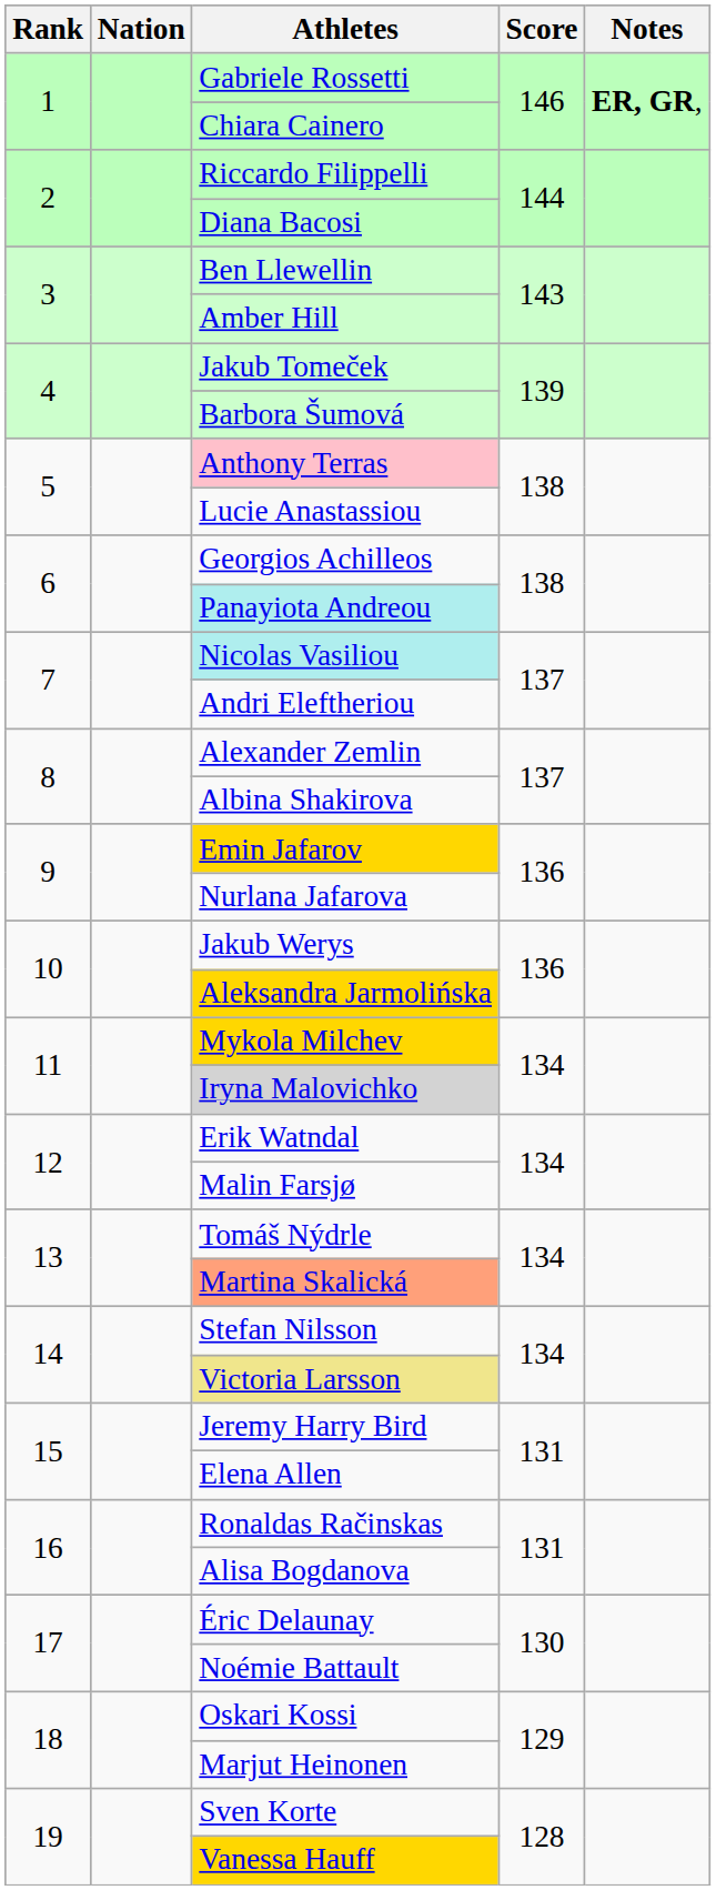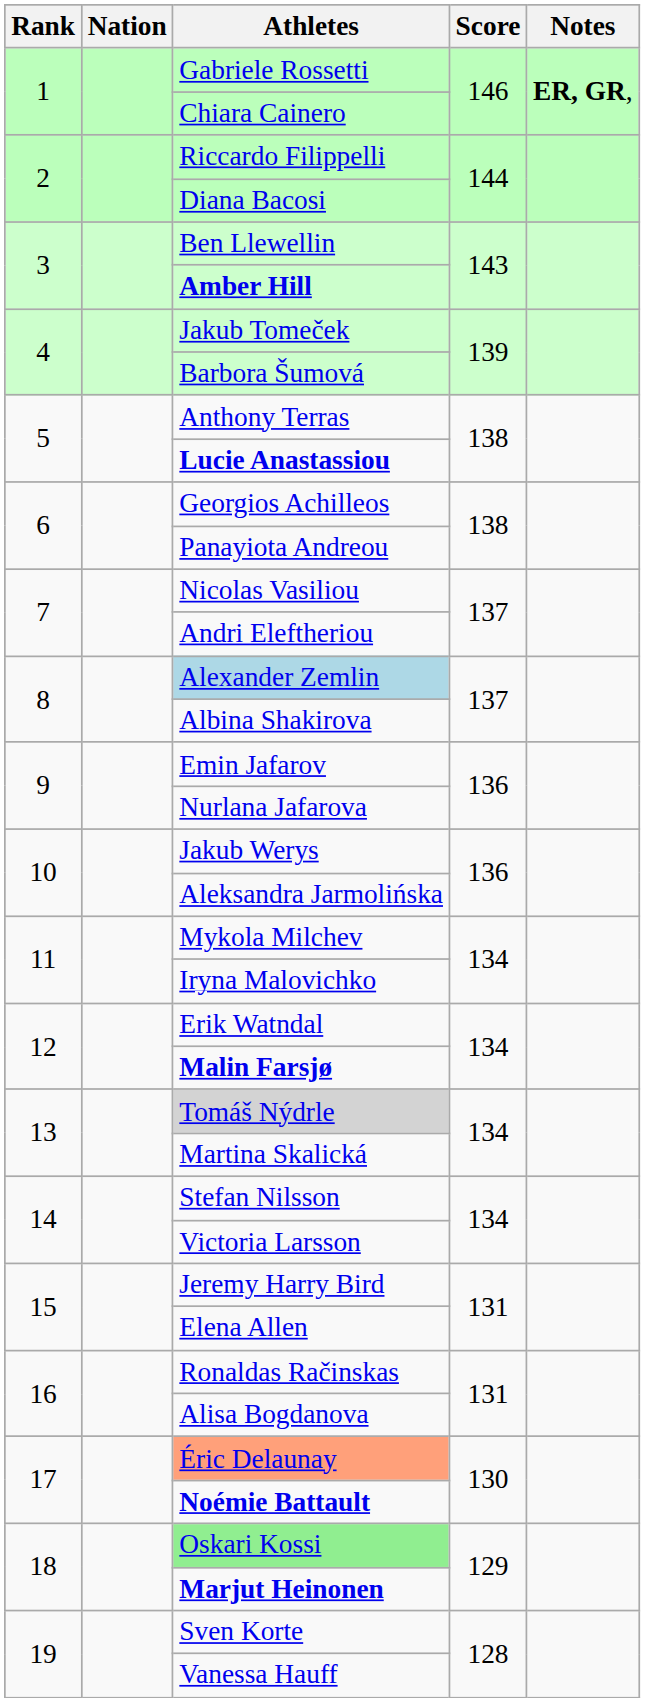 <table class="wikitable sortable" style="text-align:center">
 <tr>
 <th>Rank</th>
 <th>Nation</th>
 <th>Athletes</th>
 <th>Score</th>
 <th>Notes</th>
 </tr>
 <tr bgcolor="#bbffbb">
 <td rowspan=2>1</td>
 <td align=left rowspan=2></td>
 <td align=left><a href='#'>Gabriele Rossetti</a></td>
 <td rowspan=2>146</td>
 <td rowspan=2><strong>ER, GR</strong>, </td>
 </tr>
 <tr bgcolor="#bbffbb">
 <td align=left><a href='#'>Chiara Cainero</a></td>
 </tr>
 <tr bgcolor="#bbffbb">
 <td rowspan=2>2</td>
 <td align=left rowspan=2></td>
 <td align=left><a href='#'>Riccardo Filippelli</a></td>
 <td rowspan=2>144</td>
 <td rowspan=2></td>
 </tr>
 <tr bgcolor="#bbffbb">
 <td align=left><a href='#'>Diana Bacosi</a></td>
 </tr>
 <tr bgcolor="#ccffcc">
 <td rowspan=2>3</td>
 <td align=left rowspan=2></td>
 <td align=left><a href='#'>Ben Llewellin</a></td>
 <td rowspan=2>143</td>
 <td rowspan=2></td>
 </tr>
 <tr bgcolor="#ccffcc">
-<td align=left><a href='#'>Amber Hill</a></td>
+<td align=left><strong><a href='#'>Amber Hill</a></strong></td>
 </tr>
 <tr bgcolor="#ccffcc">
 <td rowspan=2>4</td>
 <td align=left rowspan=2></td>
 <td align=left><a href='#'>Jakub Tomeček</a></td>
 <td rowspan=2>139</td>
 <td rowspan=2></td>
 </tr>
 <tr bgcolor="#ccffcc">
 <td align=left><a href='#'>Barbora Šumová</a></td>
 </tr>
 <tr>
 <td rowspan=2>5</td>
 <td align=left rowspan=2></td>
-<td align=left style="background: pink;"><a href='#'>Anthony Terras</a></td>
+<td align=left><a href='#'>Anthony Terras</a></td>
 <td rowspan=2>138</td>
 <td rowspan=2></td>
 </tr>
 <tr>
-<td align=left><a href='#'>Lucie Anastassiou</a></td>
+<td align=left><strong><a href='#'>Lucie Anastassiou</a></strong></td>
 </tr>
 <tr>
 <td rowspan=2>6</td>
 <td align=left rowspan=2></td>
 <td align=left><a href='#'>Georgios Achilleos</a></td>
 <td rowspan=2>138</td>
 <td rowspan=2></td>
 </tr>
 <tr>
-<td align=left style="background: paleturquoise;"><a href='#'>Panayiota Andreou</a></td>
+<td align=left><a href='#'>Panayiota Andreou</a></td>
 </tr>
 <tr>
 <td rowspan=2>7</td>
 <td align=left rowspan=2></td>
-<td align=left style="background: paleturquoise;"><a href='#'>Nicolas Vasiliou</a></td>
+<td align=left><a href='#'>Nicolas Vasiliou</a></td>
 <td rowspan=2>137</td>
 <td rowspan=2></td>
 </tr>
 <tr>
 <td align=left><a href='#'>Andri Eleftheriou</a></td>
 </tr>
 <tr>
 <td rowspan=2>8</td>
 <td align=left rowspan=2></td>
-<td align=left><a href='#'>Alexander Zemlin</a></td>
+<td align=left style="background: lightblue;"><a href='#'>Alexander Zemlin</a></td>
 <td rowspan=2>137</td>
 <td rowspan=2></td>
 </tr>
 <tr>
 <td align=left><a href='#'>Albina Shakirova</a></td>
 </tr>
 <tr>
 <td rowspan=2>9</td>
 <td align=left rowspan=2></td>
-<td align=left style="background: gold;"><a href='#'>Emin Jafarov</a></td>
+<td align=left><a href='#'>Emin Jafarov</a></td>
 <td rowspan=2>136</td>
 <td rowspan=2></td>
 </tr>
 <tr>
 <td align=left><a href='#'>Nurlana Jafarova</a></td>
 </tr>
 <tr>
 <td rowspan=2>10</td>
 <td align=left rowspan=2></td>
 <td align=left><a href='#'>Jakub Werys</a></td>
 <td rowspan=2>136</td>
 <td rowspan=2></td>
 </tr>
 <tr>
-<td align=left style="background: gold;"><a href='#'>Aleksandra Jarmolińska</a></td>
+<td align=left><a href='#'>Aleksandra Jarmolińska</a></td>
 </tr>
 <tr>
 <td rowspan=2>11</td>
 <td align=left rowspan=2></td>
-<td align=left style="background: gold;"><a href='#'>Mykola Milchev</a></td>
+<td align=left><a href='#'>Mykola Milchev</a></td>
 <td rowspan=2>134</td>
 <td rowspan=2></td>
 </tr>
 <tr>
-<td align=left style="background: lightgrey;"><a href='#'>Iryna Malovichko</a></td>
+<td align=left><a href='#'>Iryna Malovichko</a></td>
 </tr>
 <tr>
 <td rowspan=2>12</td>
 <td align=left rowspan=2></td>
 <td align=left><a href='#'>Erik Watndal</a></td>
 <td rowspan=2>134</td>
 <td rowspan=2></td>
 </tr>
 <tr>
-<td align=left><a href='#'>Malin Farsjø</a></td>
+<td align=left><strong><a href='#'>Malin Farsjø</a></strong></td>
 </tr>
 <tr>
 <td rowspan=2>13</td>
 <td align=left rowspan=2></td>
-<td align=left><a href='#'>Tomáš Nýdrle</a></td>
+<td align=left style="background: lightgrey;"><a href='#'>Tomáš Nýdrle</a></td>
 <td rowspan=2>134</td>
 <td rowspan=2></td>
 </tr>
 <tr>
-<td align=left style="background: lightsalmon;"><a href='#'>Martina Skalická</a></td>
+<td align=left><a href='#'>Martina Skalická</a></td>
 </tr>
 <tr>
 <td rowspan=2>14</td>
 <td align=left rowspan=2></td>
 <td align=left><a href='#'>Stefan Nilsson</a></td>
 <td rowspan=2>134</td>
 <td rowspan=2></td>
 </tr>
 <tr>
-<td align=left style="background: khaki;"><a href='#'>Victoria Larsson</a></td>
+<td align=left><a href='#'>Victoria Larsson</a></td>
 </tr>
 <tr>
 <td rowspan=2>15</td>
 <td align=left rowspan=2></td>
 <td align=left><a href='#'>Jeremy Harry Bird</a></td>
 <td rowspan=2>131</td>
 <td rowspan=2></td>
 </tr>
 <tr>
 <td align=left><a href='#'>Elena Allen</a></td>
 </tr>
 <tr>
 <td rowspan=2>16</td>
 <td align=left rowspan=2></td>
 <td align=left><a href='#'>Ronaldas Račinskas</a></td>
 <td rowspan=2>131</td>
 <td rowspan=2></td>
 </tr>
 <tr>
 <td align=left><a href='#'>Alisa Bogdanova</a></td>
 </tr>
 <tr>
 <td rowspan=2>17</td>
 <td align=left rowspan=2></td>
-<td align=left><a href='#'>Éric Delaunay</a></td>
+<td align=left style="background: lightsalmon;"><a href='#'>Éric Delaunay</a></td>
 <td rowspan=2>130</td>
 <td rowspan=2></td>
 </tr>
 <tr>
-<td align=left><a href='#'>Noémie Battault</a></td>
+<td align=left><strong><a href='#'>Noémie Battault</a></strong></td>
 </tr>
 <tr>
 <td rowspan=2>18</td>
 <td align=left rowspan=2></td>
-<td align=left><a href='#'>Oskari Kossi</a></td>
+<td align=left style="background: lightgreen;"><a href='#'>Oskari Kossi</a></td>
 <td rowspan=2>129</td>
 <td rowspan=2></td>
 </tr>
 <tr>
-<td align=left><a href='#'>Marjut Heinonen</a></td>
+<td align=left><strong><a href='#'>Marjut Heinonen</a></strong></td>
 </tr>
 <tr>
 <td rowspan=2>19</td>
 <td align=left rowspan=2></td>
 <td align=left><a href='#'>Sven Korte</a></td>
 <td rowspan=2>128</td>
 <td rowspan=2></td>
 </tr>
 <tr>
-<td align=left style="background: gold;"><a href='#'>Vanessa Hauff</a></td>
+<td align=left><a href='#'>Vanessa Hauff</a></td>
 </tr>
 </table>
